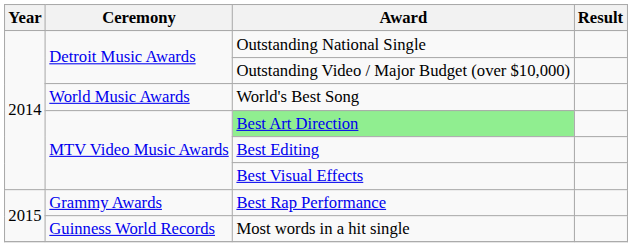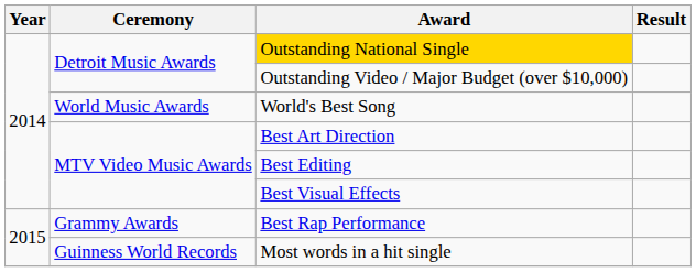 <table class="wikitable">
 <tr>
 <th>Year</th>
 <th>Ceremony</th>
 <th>Award</th>
 <th>Result</th>
 </tr>
 <tr>
 <td rowspan="7">2014</td>
 </tr>
 <tr>
 <td rowspan="2"><a href='#'>Detroit Music Awards</a></td>
-<td>Outstanding National Single</td>
+<td style="background: gold;">Outstanding National Single</td>
 <td></td>
 </tr>
 <tr>
 <td>Outstanding Video / Major Budget (over $10,000)</td>
 <td></td>
 </tr>
 <tr>
 <td><a href='#'>World Music Awards</a></td>
 <td>World's Best Song</td>
 <td></td>
 </tr>
 <tr>
 <td rowspan="3"><a href='#'>MTV Video Music Awards</a></td>
-<td style="background: lightgreen;"><a href='#'>Best Art Direction</a></td>
+<td><a href='#'>Best Art Direction</a></td>
 <td></td>
 </tr>
 <tr>
 <td><a href='#'>Best Editing</a></td>
 <td></td>
 </tr>
 <tr>
 <td><a href='#'>Best Visual Effects</a></td>
 <td></td>
 </tr>
 <tr>
 <td rowspan="2">2015</td>
 <td><a href='#'>Grammy Awards</a></td>
 <td><a href='#'>Best Rap Performance</a></td>
 <td></td>
 </tr>
 <tr>
 <td><a href='#'>Guinness World Records</a></td>
 <td>Most words in a hit single</td>
 <td></td>
 </tr>
 <tr>
 </tr>
 </table>
